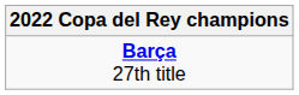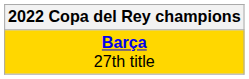 <table class=wikitable style="text-align:center; margin:auto">
 <tr>
 <th>2022 Copa del Rey champions</th>
 </tr>
 <tr>
-<td><strong><a href='#'>Barça</a></strong><br>27th title</td>
+<td style="background: gold;"><strong><a href='#'>Barça</a></strong><br>27th title</td>
 </tr>
 </table>
